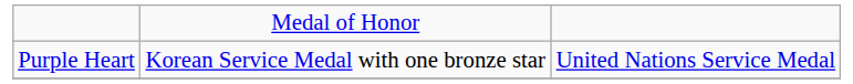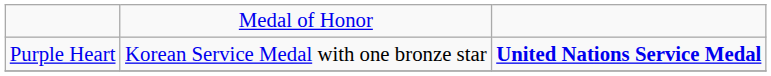 <table class="wikitable" style="margin:1em auto; text-align:center;">
 <tr>
 <td></td>
 <td><a href='#'>Medal of Honor</a></td>
 <td></td>
 </tr>
 <tr>
 <td><a href='#'>Purple Heart</a></td>
 <td><a href='#'>Korean Service Medal</a> with one bronze star</td>
-<td><a href='#'>United Nations Service Medal</a></td>
+<td><strong><a href='#'>United Nations Service Medal</a></strong></td>
 </tr>
 <tr>
 </tr>
 </table>
